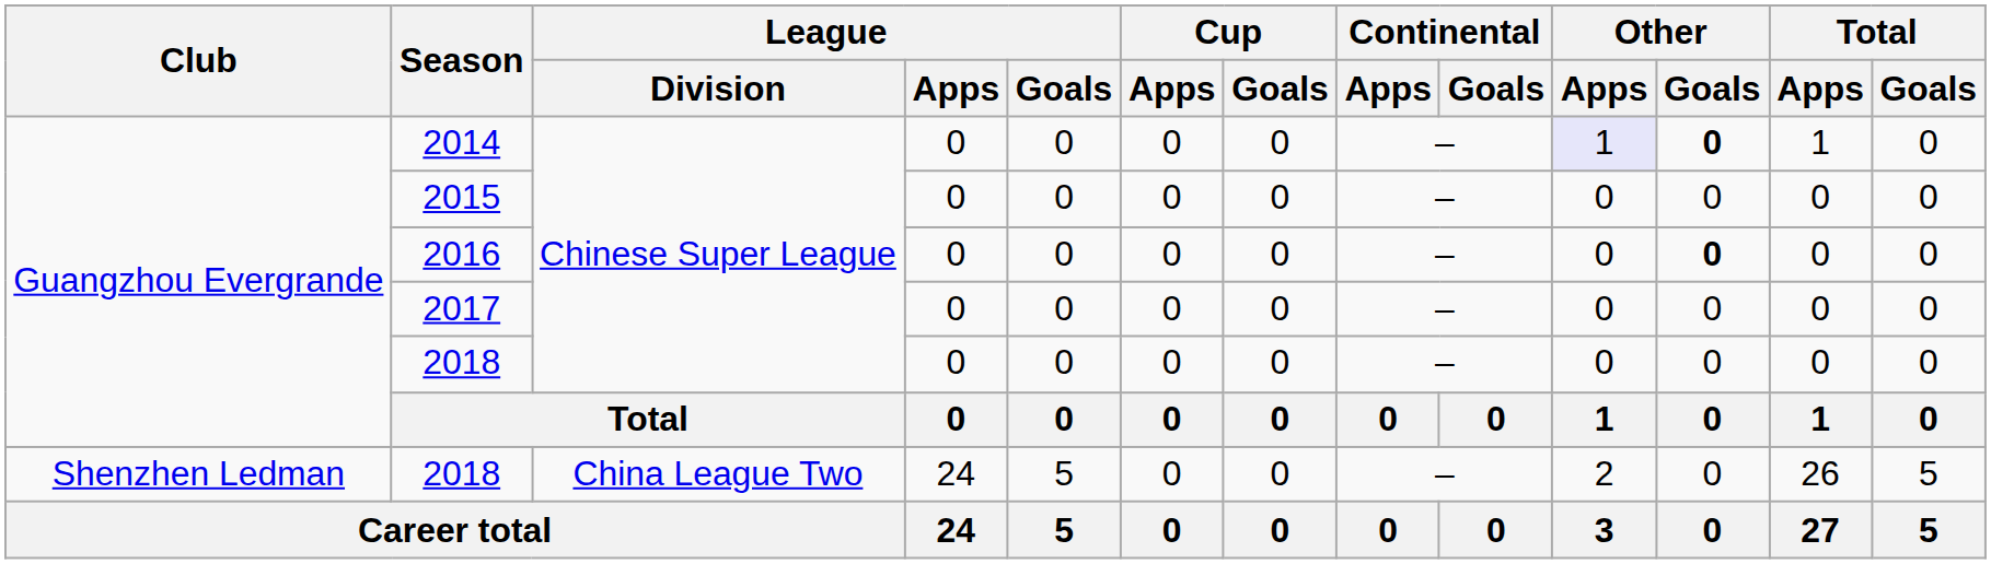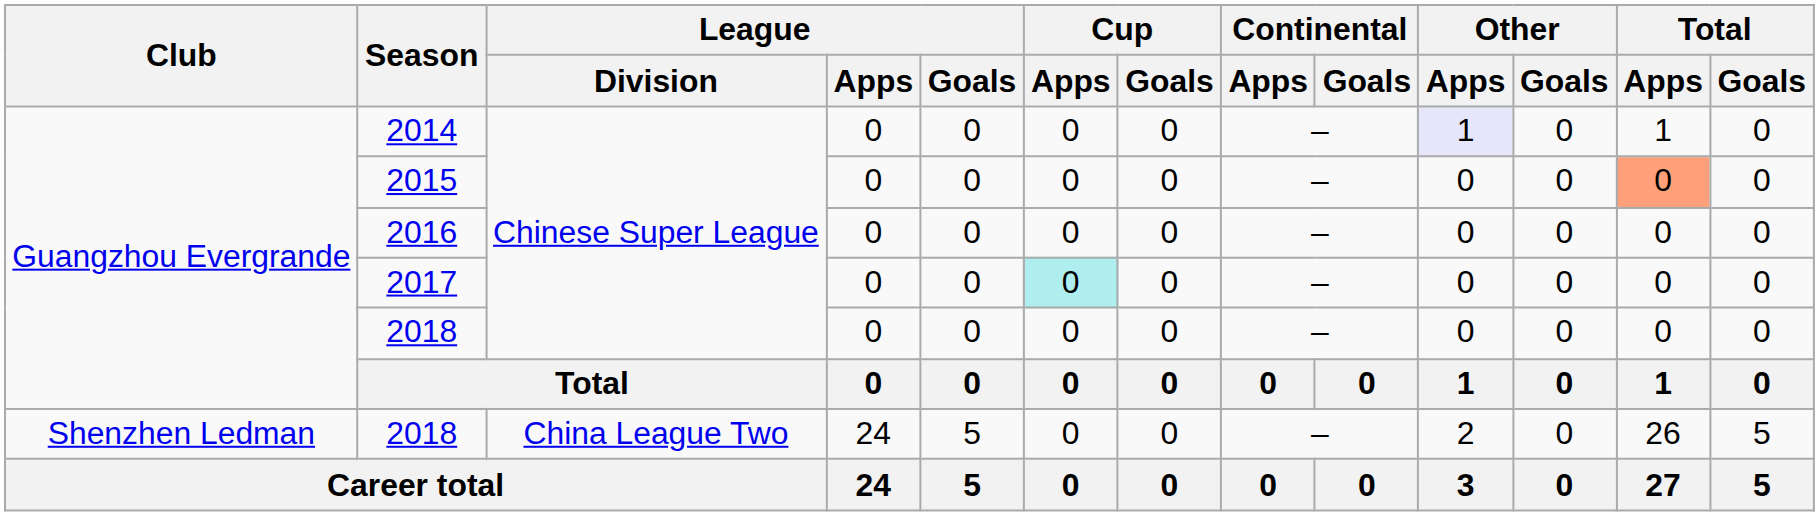 <table class="wikitable" style="text-align: center">
 <tr>
 <th rowspan="2">Club</th>
 <th rowspan="2">Season</th>
 <th colspan="3">League</th>
 <th colspan="2">Cup</th>
 <th colspan="2">Continental</th>
 <th colspan="2">Other</th>
 <th colspan="2">Total</th>
 </tr>
 <tr>
 <th>Division</th>
 <th>Apps</th>
 <th>Goals</th>
 <th>Apps</th>
 <th>Goals</th>
 <th>Apps</th>
 <th>Goals</th>
 <th>Apps</th>
 <th>Goals</th>
 <th>Apps</th>
 <th>Goals</th>
 </tr>
 <tr>
 <td rowspan="6"><a href='#'>Guangzhou Evergrande</a></td>
 <td><a href='#'>2014</a></td>
 <td rowspan="5"><a href='#'>Chinese Super League</a></td>
 <td>0</td>
 <td>0</td>
 <td>0</td>
 <td>0</td>
 <td colspan="2">–</td>
 <td style="background: lavender;">1</td>
-<td><strong>0</strong></td>
+<td>0</td>
 <td>1</td>
 <td>0</td>
 </tr>
 <tr>
 <td><a href='#'>2015</a></td>
 <td>0</td>
 <td>0</td>
 <td>0</td>
 <td>0</td>
 <td colspan="2">–</td>
 <td>0</td>
 <td>0</td>
-<td>0</td>
+<td style="background: lightsalmon;">0</td>
 <td>0</td>
 </tr>
 <tr>
 <td><a href='#'>2016</a></td>
 <td>0</td>
 <td>0</td>
 <td>0</td>
 <td>0</td>
 <td colspan="2">–</td>
 <td>0</td>
-<td><strong>0</strong></td>
+<td>0</td>
 <td>0</td>
 <td>0</td>
 </tr>
 <tr>
 <td><a href='#'>2017</a></td>
 <td>0</td>
 <td>0</td>
-<td>0</td>
+<td style="background: paleturquoise;">0</td>
 <td>0</td>
 <td colspan="2">–</td>
 <td>0</td>
 <td>0</td>
 <td>0</td>
 <td>0</td>
 </tr>
 <tr>
 <td><a href='#'>2018</a></td>
 <td>0</td>
 <td>0</td>
 <td>0</td>
 <td>0</td>
 <td colspan="2">–</td>
 <td>0</td>
 <td>0</td>
 <td>0</td>
 <td>0</td>
 </tr>
 <tr>
 <th colspan=2>Total</th>
 <th>0</th>
 <th>0</th>
 <th>0</th>
 <th>0</th>
 <th>0</th>
 <th>0</th>
 <th>1</th>
 <th>0</th>
 <th>1</th>
 <th>0</th>
 </tr>
 <tr>
 <td><a href='#'>Shenzhen Ledman</a></td>
 <td><a href='#'>2018</a></td>
 <td><a href='#'>China League Two</a></td>
 <td>24</td>
 <td>5</td>
 <td>0</td>
 <td>0</td>
 <td colspan="2">–</td>
 <td>2</td>
 <td>0</td>
 <td>26</td>
 <td>5</td>
 </tr>
 <tr>
 <th colspan=3>Career total</th>
 <th>24</th>
 <th>5</th>
 <th>0</th>
 <th>0</th>
 <th>0</th>
 <th>0</th>
 <th>3</th>
 <th>0</th>
 <th>27</th>
 <th>5</th>
 </tr>
 </table>
